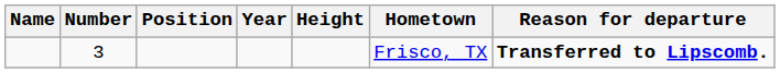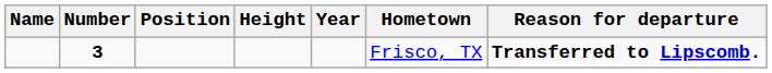 <table class="wikitable sortable" style="text-align:center; font-size:90%; ">
 <tr>
 <th>Name</th>
 <th>Number</th>
 <th>Position</th>
+<th>Height</th>
 <th>Year</th>
-<th>Height</th>
 <th>Hometown</th>
 <th class="unsortable">Reason for departure</th>
 </tr>
 <tr>
 <td align="left"></td>
-<td>3</td>
+<td><strong>3</strong></td>
 <td></td>
 <td></td>
 <td></td>
 <td><a href='#'>Frisco, TX</a></td>
 <td align="left"><strong>Transferred to <a href='#'>Lipscomb</a>.</strong></td>
 </tr>
 </table>
